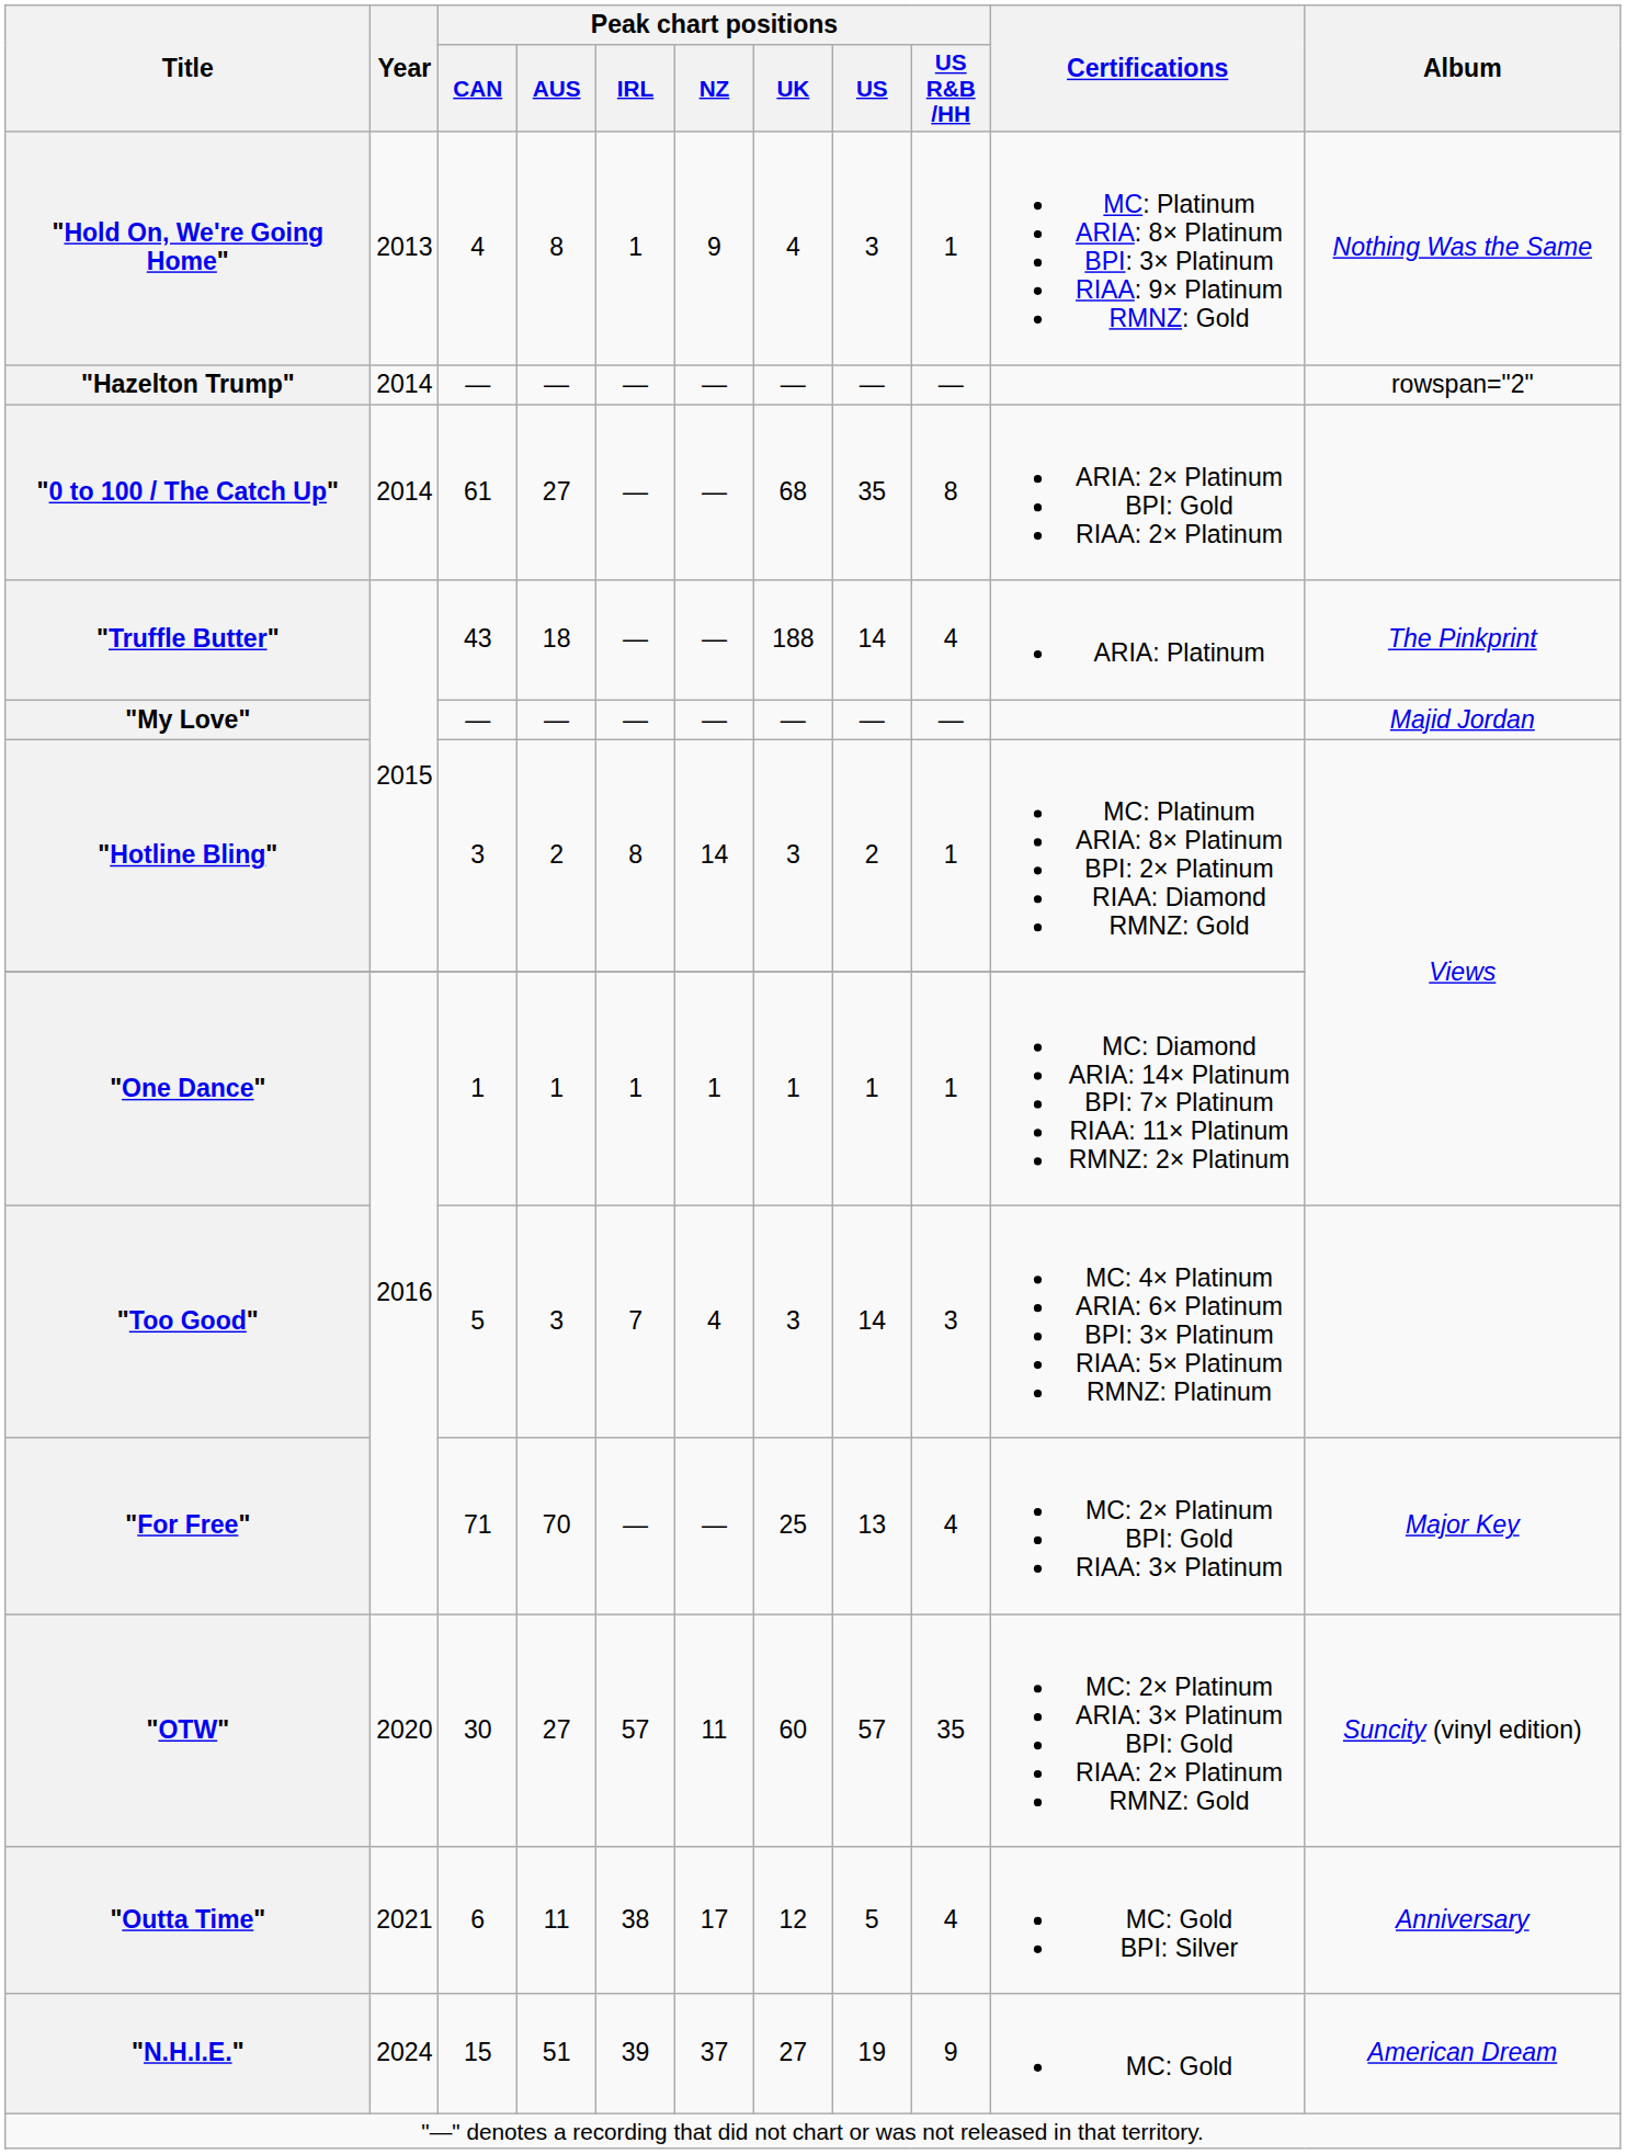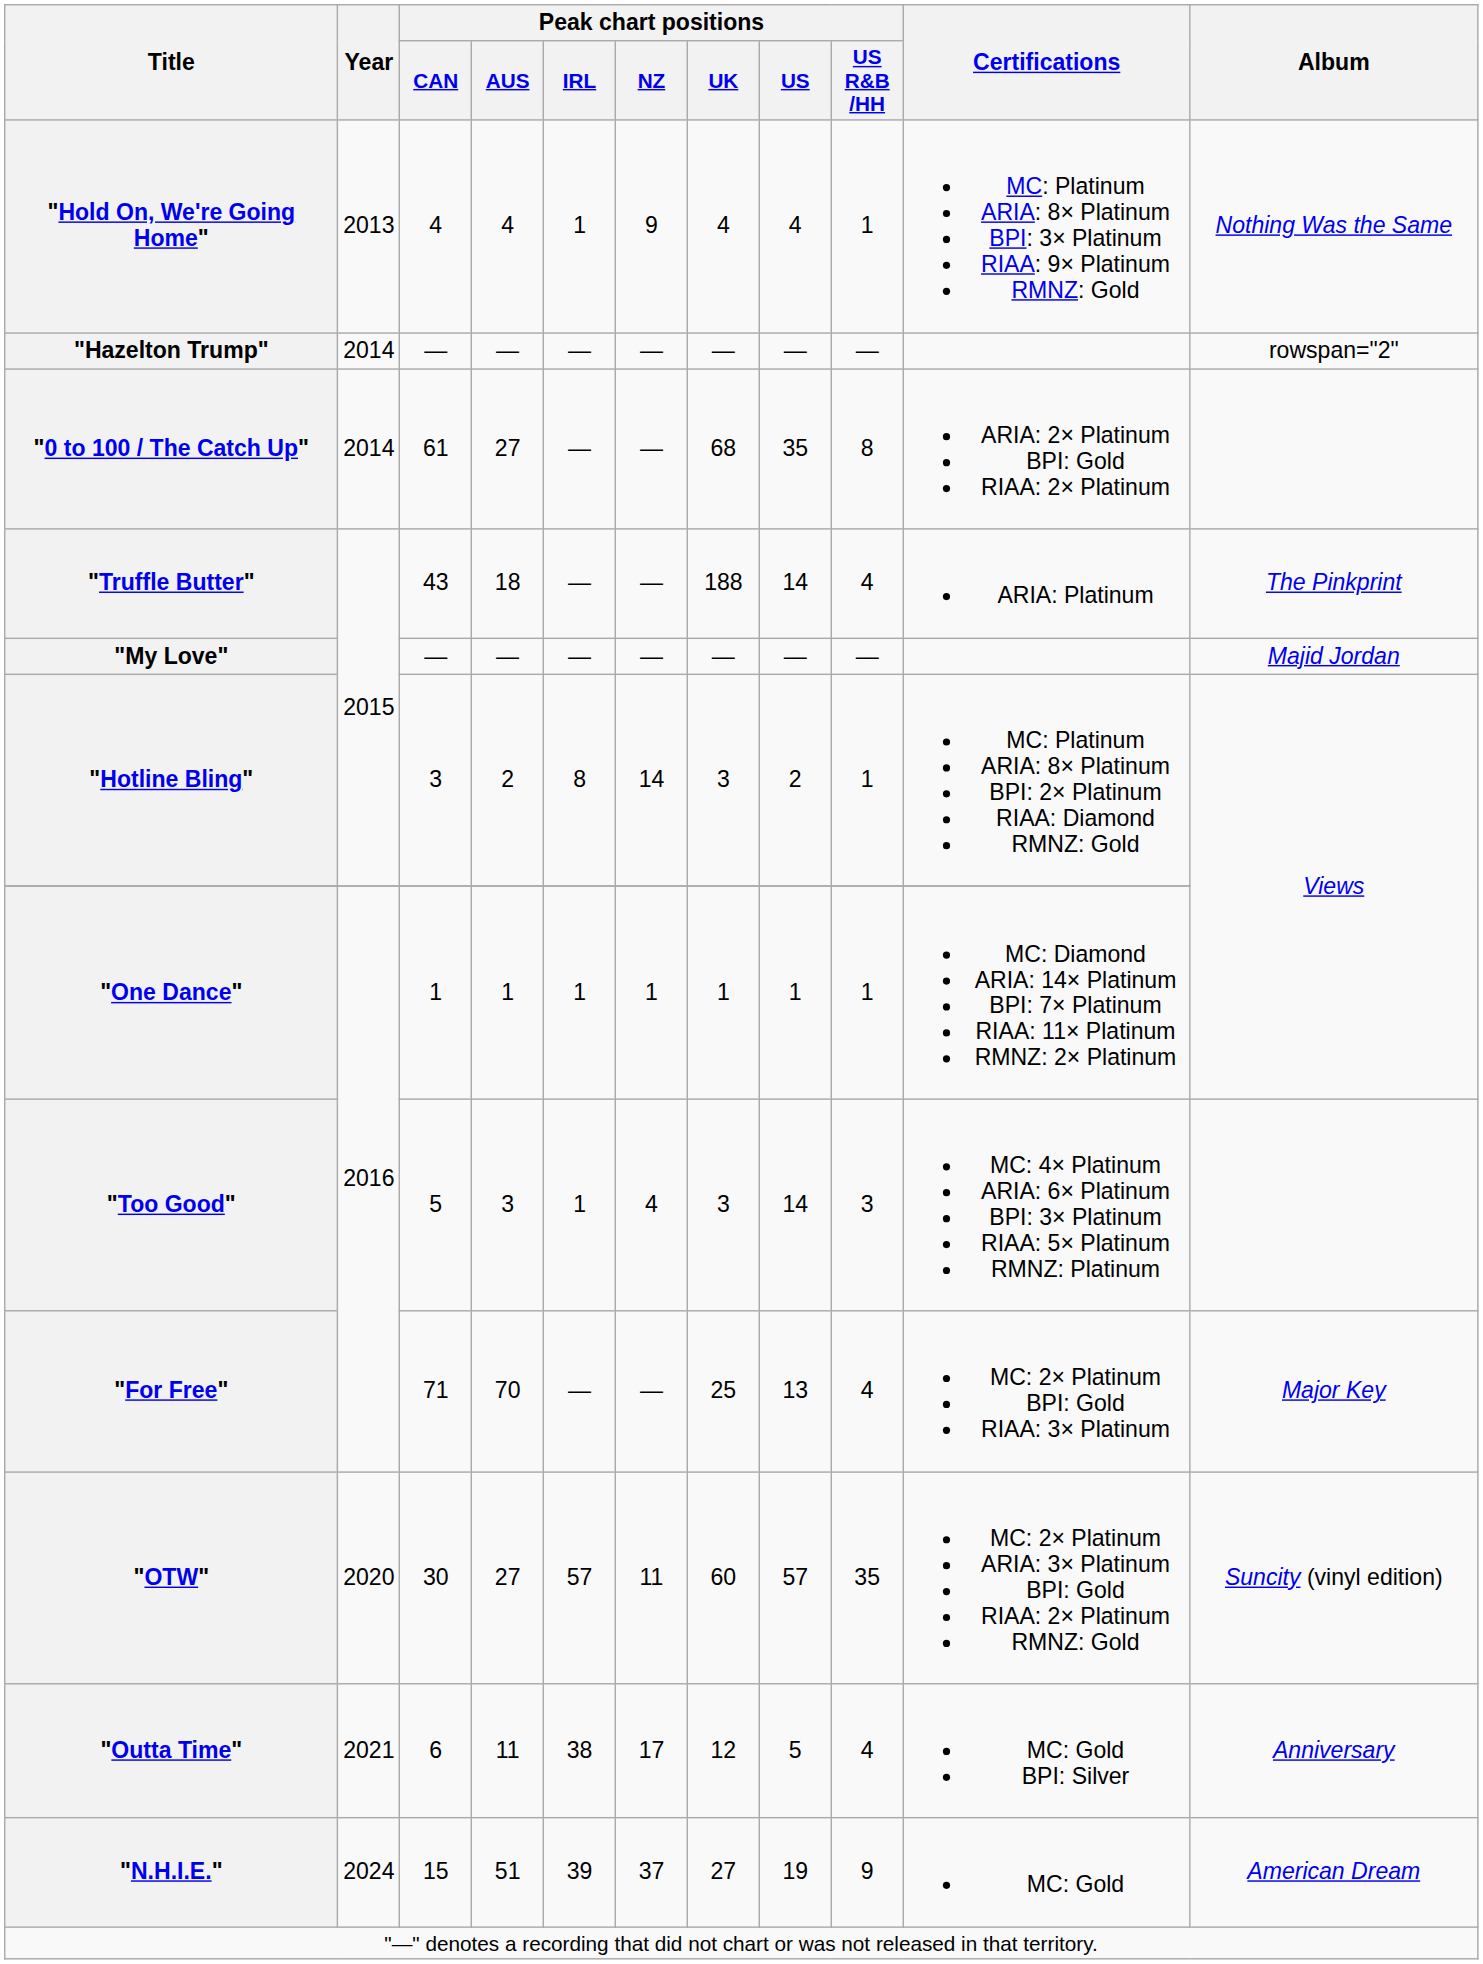 <table class="wikitable plainrowheaders" style="text-align:center;">
 <tr>
 <th scope="col" rowspan="2" style="width:14em;">Title</th>
 <th scope="col" rowspan="2">Year</th>
 <th scope="col" colspan="7">Peak chart positions</th>
 <th scope="col" rowspan="2" style="width:12em;"><a href='#'>Certifications</a></th>
 <th scope="col" rowspan="2" style="width:12em;">Album</th>
 </tr>
 <tr>
 <th scope="col" style="width:3em;font-size:90%;"><a href='#'>CAN</a><br></th>
 <th scope="col" style="width:3em;font-size:90%;"><a href='#'>AUS</a><br></th>
 <th scope="col" style="width:3em;font-size:90%;"><a href='#'>IRL</a><br></th>
 <th scope="col" style="width:3em;font-size:90%;"><a href='#'>NZ</a><br></th>
 <th scope="col" style="width:3em;font-size:90%;"><a href='#'>UK</a><br></th>
 <th scope="col" style="width:3em;font-size:90%;"><a href='#'>US</a><br></th>
 <th scope="col" style="width:3em;font-size:90%;"><a href='#'>US<br>R&B<br>/HH</a><br></th>
 </tr>
 <tr>
 <th scope="row">"<a href='#'>Hold On, We're Going Home</a>"<br></th>
 <td>2013</td>
 <td>4</td>
-<td>8</td>
+<td>4</td>
 <td>1</td>
 <td>9</td>
 <td>4</td>
-<td>3</td>
+<td>4</td>
 <td>1</td>
 <td><br><ul><li><a href='#'>MC</a>: Platinum</li><li><a href='#'>ARIA</a>: 8× Platinum</li><li><a href='#'>BPI</a>: 3× Platinum</li><li><a href='#'>RIAA</a>: 9× Platinum</li><li><a href='#'>RMNZ</a>: Gold</li></ul></td>
 <td><em><a href='#'>Nothing Was the Same</a></em></td>
 </tr>
 <tr>
 <th scope="row">"Hazelton Trump"<br></th>
 <td>2014</td>
 <td>—</td>
 <td>—</td>
 <td>—</td>
 <td>—</td>
 <td>—</td>
 <td>—</td>
 <td>—</td>
 <td></td>
 <td>rowspan="2" </td>
 </tr>
 <tr>
 <th scope="row">"<a href='#'>0 to 100 / The Catch Up</a>"<br></th>
 <td>2014</td>
 <td>61</td>
 <td>27</td>
 <td>—</td>
 <td>—</td>
 <td>68</td>
 <td>35</td>
 <td>8</td>
 <td><br><ul><li>ARIA: 2× Platinum</li><li>BPI: Gold</li><li>RIAA: 2× Platinum</li></ul></td>
 </tr>
 <tr>
 <th scope="row">"<a href='#'>Truffle Butter</a>"<br></th>
 <td rowspan="3">2015</td>
 <td>43</td>
 <td>18</td>
 <td>—</td>
 <td>—</td>
 <td>188</td>
 <td>14</td>
 <td>4</td>
 <td><br><ul><li>ARIA: Platinum</li></ul></td>
 <td><em><a href='#'>The Pinkprint</a></em></td>
 </tr>
 <tr>
 <th scope="row">"My Love"<br></th>
 <td>—</td>
 <td>—</td>
 <td>—</td>
 <td>—</td>
 <td>—</td>
 <td>—</td>
 <td>—</td>
 <td></td>
 <td><em><a href='#'>Majid Jordan</a></em></td>
 </tr>
 <tr>
 <th scope="row">"<a href='#'>Hotline Bling</a>"<br></th>
 <td>3</td>
 <td>2</td>
 <td>8</td>
 <td>14</td>
 <td>3</td>
 <td>2</td>
 <td>1</td>
 <td><br><ul><li>MC: Platinum</li><li>ARIA: 8× Platinum</li><li>BPI: 2× Platinum</li><li>RIAA: Diamond</li><li>RMNZ: Gold</li></ul></td>
 <td rowspan="3"><em><a href='#'>Views</a></em></td>
 </tr>
 <tr>
 </tr>
 <tr>
 <th scope="row">"<a href='#'>One Dance</a>"<br></th>
 <td rowspan="3">2016</td>
 <td>1</td>
 <td>1</td>
 <td>1</td>
 <td>1</td>
 <td>1</td>
 <td>1</td>
 <td>1</td>
 <td><br><ul><li>MC: Diamond</li><li>ARIA: 14× Platinum</li><li>BPI: 7× Platinum</li><li>RIAA: 11× Platinum</li><li>RMNZ: 2× Platinum</li></ul></td>
 </tr>
 <tr>
 <th scope="row">"<a href='#'>Too Good</a>"<br></th>
 <td>5</td>
 <td>3</td>
-<td>7</td>
+<td>1</td>
 <td>4</td>
 <td>3</td>
 <td>14</td>
 <td>3</td>
 <td><br><ul><li>MC: 4× Platinum</li><li>ARIA: 6× Platinum</li><li>BPI: 3× Platinum</li><li>RIAA: 5× Platinum</li><li>RMNZ: Platinum</li></ul></td>
 </tr>
 <tr>
 <th scope="row">"<a href='#'>For Free</a>"<br></th>
 <td>71</td>
 <td>70</td>
 <td>—</td>
 <td>—</td>
 <td>25</td>
 <td>13</td>
 <td>4</td>
 <td><br><ul><li>MC: 2× Platinum</li><li>BPI: Gold</li><li>RIAA: 3× Platinum</li></ul></td>
 <td><em><a href='#'>Major Key</a></em></td>
 </tr>
 <tr>
 <th scope="row">"<a href='#'>OTW</a>"<br></th>
 <td>2020</td>
 <td>30</td>
 <td>27</td>
 <td>57</td>
 <td>11</td>
 <td>60</td>
 <td>57</td>
 <td>35</td>
 <td><br><ul><li>MC: 2× Platinum</li><li>ARIA: 3× Platinum</li><li>BPI: Gold</li><li>RIAA: 2× Platinum</li><li>RMNZ: Gold</li></ul></td>
 <td><em><a href='#'>Suncity</a></em> (vinyl edition)</td>
 </tr>
 <tr>
 <th scope="row">"<a href='#'>Outta Time</a>"<br></th>
 <td>2021</td>
 <td>6</td>
 <td>11</td>
 <td>38</td>
 <td>17</td>
 <td>12</td>
 <td>5</td>
 <td>4</td>
 <td><br><ul><li>MC: Gold</li><li>BPI: Silver</li></ul></td>
 <td><em><a href='#'>Anniversary</a></em></td>
 </tr>
 <tr>
 <th scope="row">"<a href='#'>N.H.I.E.</a>"<br></th>
 <td>2024</td>
 <td>15</td>
 <td>51</td>
 <td>39</td>
 <td>37</td>
 <td>27</td>
 <td>19</td>
 <td>9</td>
 <td><br><ul><li>MC: Gold</li></ul></td>
 <td><em><a href='#'>American Dream</a></em></td>
 </tr>
 <tr>
 <td colspan="11" style="font-size:90%">"—" denotes a recording that did not chart or was not released in that territory.</td>
 </tr>
 </table>
